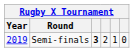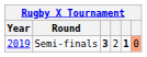 <table class="wikitable" style="text-align: center;">
 <tr>
 <th colspan=7><a href='#'>Rugby X Tournament</a></th>
 </tr>
 <tr>
 <th>Year</th>
 <th>Round</th>
 <th></th>
 <th></th>
 <th></th>
 <th></th>
 </tr>
 <tr>
 <td> <a href='#'>2019</a></td>
 <td>Semi-finals</td>
 <td><strong>3</strong></td>
 <td>2</td>
-<td>1</td>
-<td>0</td>
+<td><strong>1</strong></td>
+<td style="background: lightsalmon;">0</td>
 </tr>
 </table>
